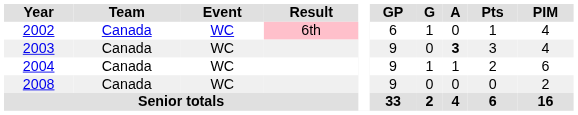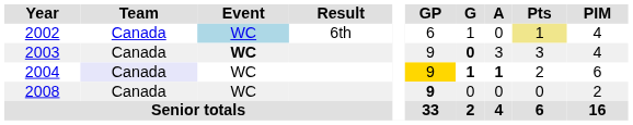 <table border="0" cellpadding="1" cellspacing="0" style="text-align:center; width:40em">
 <tr ALIGN="center" bgcolor="#e0e0e0">
 <th>Year</th>
 <th>Team</th>
 <th>Event</th>
 <th>Result</th>
 <th rowspan="99" bgcolor="#ffffff"> </th>
 <th>GP</th>
 <th>G</th>
 <th>A</th>
 <th>Pts</th>
 <th>PIM</th>
 </tr>
 <tr>
 <td><a href='#'>2002</a></td>
 <td><a href='#'>Canada</a></td>
-<td><a href='#'>WC</a></td>
-<td style="background: pink;">6th</td>
+<td style="background: lightblue;"><a href='#'>WC</a></td>
+<td>6th</td>
 <td>6</td>
 <td>1</td>
 <td>0</td>
-<td>1</td>
+<td style="background: khaki;">1</td>
 <td>4</td>
 </tr>
 <tr bgcolor="#f0f0f0">
 <td><a href='#'>2003</a></td>
 <td>Canada</td>
-<td>WC</td>
+<td><strong>WC</strong></td>
 <td></td>
 <td>9</td>
-<td>0</td>
-<td><strong>3</strong></td>
+<td><strong>0</strong></td>
+<td>3</td>
 <td>3</td>
 <td>4</td>
 </tr>
 <tr>
 <td><a href='#'>2004</a></td>
-<td>Canada</td>
+<td style="background: lavender;">Canada</td>
 <td>WC</td>
 <td></td>
-<td>9</td>
-<td>1</td>
-<td>1</td>
+<td style="background: gold;">9</td>
+<td><strong>1</strong></td>
+<td><strong>1</strong></td>
 <td>2</td>
 <td>6</td>
 </tr>
 <tr bgcolor="#f0f0f0">
 <td><a href='#'>2008</a></td>
 <td>Canada</td>
 <td>WC</td>
 <td></td>
-<td>9</td>
+<td><strong>9</strong></td>
 <td>0</td>
 <td>0</td>
 <td>0</td>
 <td>2</td>
 </tr>
 <tr bgcolor="#e0e0e0">
 <th colspan="4">Senior totals</th>
 <th>33</th>
 <th>2</th>
 <th>4</th>
 <th>6</th>
 <th>16</th>
 </tr>
 </table>
